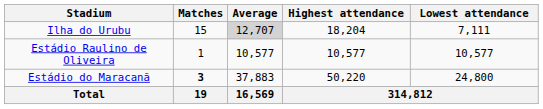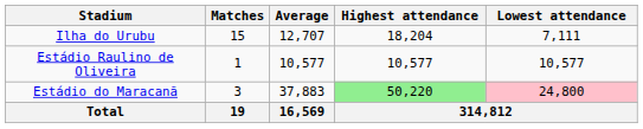 <table class="wikitable plainrowheaders sortable" style="text-align:center">
 <tr>
 <th scope="col" ! style="width:200px;">Stadium</th>
 <th scope="col" ! style="width:60px;">Matches</th>
 <th scope="col" ! style="width:60px;">Average</th>
 <th scope="col" ! style="width:150px;">Highest attendance</th>
 <th scope="col" ! style="width:150px;">Lowest attendance</th>
 </tr>
 <tr>
 <td><a href='#'>Ilha do Urubu</a></td>
 <td>15</td>
-<td style="background: lightgrey;">12,707</td>
+<td>12,707</td>
 <td>18,204</td>
 <td>7,111</td>
 </tr>
 <tr>
 <td><a href='#'>Estádio Raulino de Oliveira</a></td>
 <td>1</td>
 <td>10,577</td>
 <td>10,577</td>
 <td>10,577</td>
 </tr>
 <tr>
 <td><a href='#'>Estádio do Maracanã</a></td>
-<td><strong>3</strong></td>
+<td>3</td>
 <td>37,883</td>
-<td>50,220</td>
-<td>24,800</td>
+<td style="background: lightgreen;">50,220</td>
+<td style="background: pink;">24,800</td>
 </tr>
 <tr>
 <th>Total</th>
 <th>19</th>
 <th>16,569</th>
 <th colspan=3>314,812</th>
 </tr>
 </table>
